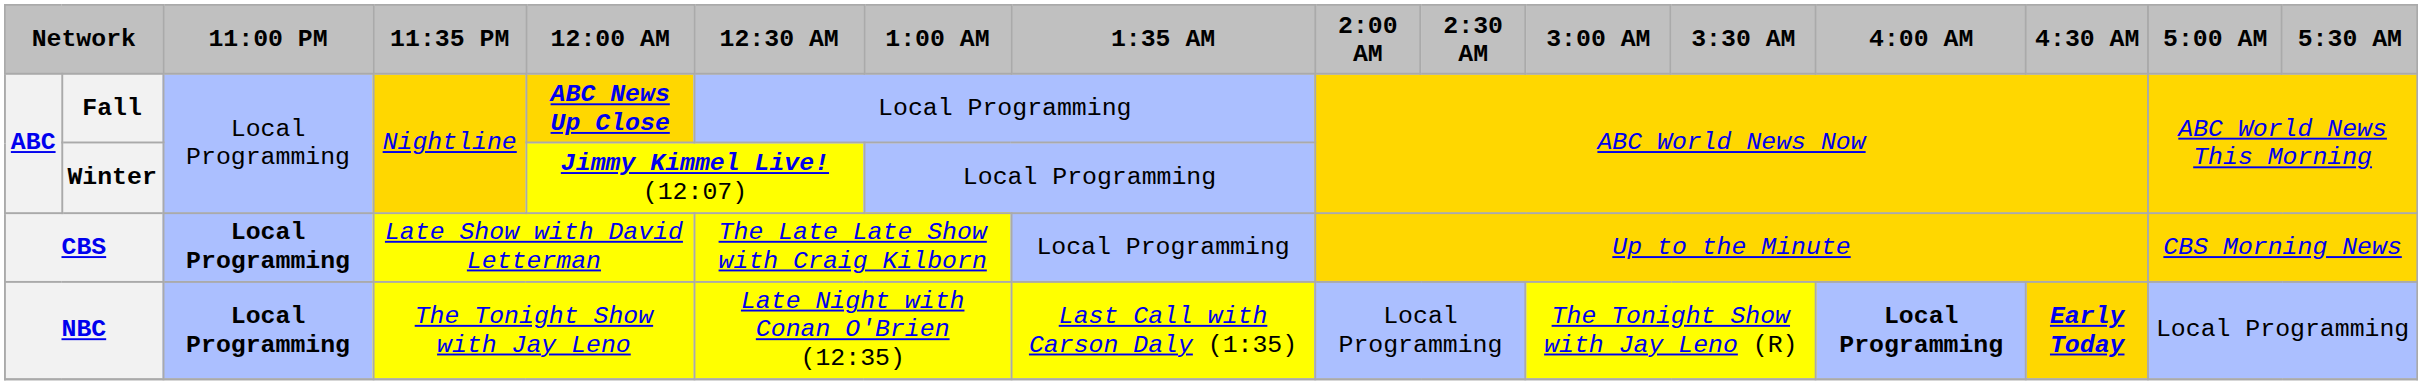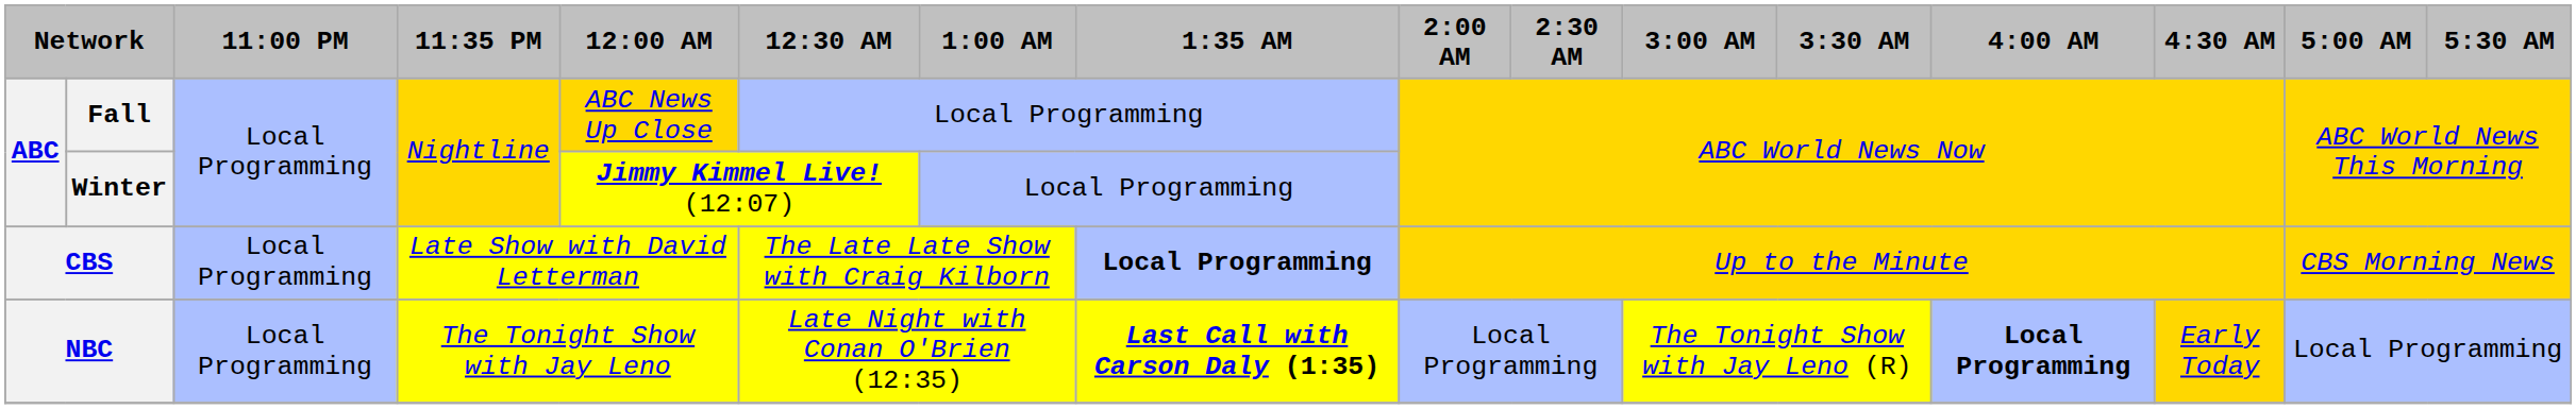 <table class="wikitable" style="width:100%;margin-right:0;text-align:center">
 <tr>
 <th colspan="2" style="background-color:#C0C0C0;text-align:center">Network</th>
 <th style="background-color:#C0C0C0;text-align:center">11:00 PM</th>
 <th style="background-color:#C0C0C0;text-align:center">11:35 PM</th>
 <th style="background-color:#C0C0C0;text-align:center">12:00 AM</th>
 <th style="background-color:#C0C0C0;text-align:center">12:30 AM</th>
 <th style="background-color:#C0C0C0;text-align:center">1:00 AM</th>
 <th style="background-color:#C0C0C0;text-align:center">1:35 AM</th>
 <th style="background-color:#C0C0C0;text-align:center">2:00 AM</th>
 <th style="background-color:#C0C0C0;text-align:center">2:30 AM</th>
 <th style="background-color:#C0C0C0;text-align:center">3:00 AM</th>
 <th style="background-color:#C0C0C0;text-align:center">3:30 AM</th>
 <th style="background-color:#C0C0C0;text-align:center">4:00 AM</th>
 <th style="background-color:#C0C0C0;text-align:center">4:30 AM</th>
 <th style="background-color:#C0C0C0;text-align:center">5:00 AM</th>
 <th style="background-color:#C0C0C0;text-align:center">5:30 AM</th>
 </tr>
 <tr>
 <th colspan="1" rowspan="2"><a href='#'>ABC</a></th>
 <th>Fall</th>
 <td colspan="1" rowspan="2" style="background:#abbfff">Local Programming</td>
 <td colspan="1" rowspan="2" style="background:gold"><em><a href='#'>Nightline</a></em></td>
-<td colspan="1" style="background:gold"><strong><em><a href='#'>ABC News Up Close</a></em></strong></td>
+<td colspan="1" style="background:gold"><em><a href='#'>ABC News Up Close</a></em></td>
 <td colspan="3" style="background:#abbfff">Local Programming</td>
 <td colspan="6" rowspan="2" style="background:gold"><em><a href='#'>ABC World News Now</a></em></td>
 <td colspan="2" rowspan="2" style="background:gold"><em><a href='#'>ABC World News This Morning</a></em></td>
 </tr>
 <tr>
 <th>Winter</th>
 <td colspan="2" style="background:yellow"><strong><em><a href='#'>Jimmy Kimmel Live!</a></em></strong> (12:07)</td>
 <td colspan="2" style="background:#abbfff">Local Programming</td>
 </tr>
 <tr>
 <th colspan="2"><a href='#'>CBS</a></th>
-<td colspan="1" style="background:#abbfff"><strong>Local Programming</strong></td>
+<td colspan="1" style="background:#abbfff">Local Programming</td>
 <td colspan="2" style="background:yellow"><em><a href='#'>Late Show with David Letterman</a></em></td>
 <td colspan="2" style="background:yellow"><em><a href='#'>The Late Late Show with Craig Kilborn</a></em></td>
-<td colspan="1" style="background:#abbfff">Local Programming</td>
+<td colspan="1" style="background:#abbfff"><strong>Local Programming</strong></td>
 <td colspan="6" style="background:gold"><em><a href='#'>Up to the Minute</a></em></td>
 <td colspan="2" style="background:gold"><em><a href='#'>CBS Morning News</a></em></td>
 </tr>
 <tr>
 <th colspan="2"><a href='#'>NBC</a></th>
-<td colspan="1" style="background:#abbfff"><strong>Local Programming</strong></td>
+<td colspan="1" style="background:#abbfff">Local Programming</td>
 <td colspan="2" style="background:yellow"><em><a href='#'>The Tonight Show with Jay Leno</a></em></td>
 <td colspan="2" style="background:yellow"><em><a href='#'>Late Night with Conan O'Brien</a></em> (12:35)</td>
-<td colspan="1" style="background:yellow"><em><a href='#'>Last Call with Carson Daly</a></em> (1:35)</td>
+<td colspan="1" style="background:yellow"><strong><em><a href='#'>Last Call with Carson Daly</a></em> (1:35)</strong></td>
 <td colspan="2" style="background:#abbfff">Local Programming</td>
 <td colspan="2" style="background:yellow"><em><a href='#'>The Tonight Show with Jay Leno</a></em> (R)</td>
 <td colspan="1" style="background:#abbfff"><strong>Local Programming</strong></td>
-<td colspan="1" style="background:gold"><strong><em><a href='#'>Early Today</a></em></strong></td>
+<td colspan="1" style="background:gold"><em><a href='#'>Early Today</a></em></td>
 <td colspan="2" style="background:#abbfff">Local Programming</td>
 </tr>
 <tr>
 </tr>
 </table>
